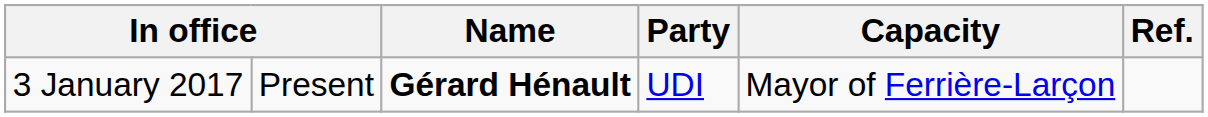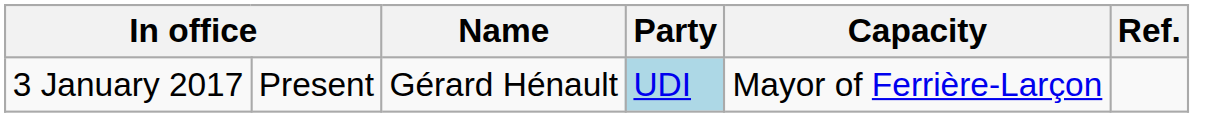 <table class="wikitable">
 <tr>
 <th colspan="2">In office</th>
 <th>Name</th>
 <th>Party</th>
 <th>Capacity</th>
 <th>Ref.</th>
 </tr>
 <tr>
 <td>3 January 2017</td>
 <td>Present</td>
-<td><strong>Gérard Hénault</strong></td>
-<td><a href='#'>UDI</a></td>
+<td>Gérard Hénault</td>
+<td style="background: lightblue;"><a href='#'>UDI</a></td>
 <td>Mayor of <a href='#'>Ferrière-Larçon</a></td>
 <td></td>
 </tr>
 </table>
